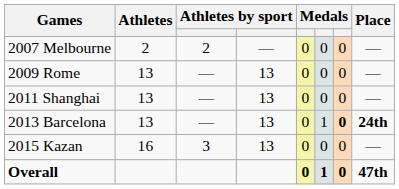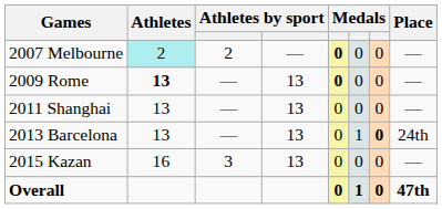 <table class=wikitable>
 <tr>
 <th rowspan=2>Games</th>
 <th rowspan=2>Athletes</th>
 <th colspan=2>Athletes by sport</th>
 <th colspan=3>Medals</th>
 <th rowspan=2>Place</th>
 </tr>
 <tr>
 <th></th>
 <th></th>
 <th></th>
 <th></th>
 <th></th>
 </tr>
 <tr align=center>
 <td align=left> 2007 Melbourne</td>
-<td>2</td>
+<td style="background: paleturquoise;">2</td>
 <td>2</td>
 <td>—</td>
-<td bgcolor=#F7F6A8>0</td>
+<td bgcolor=#F7F6A8><strong>0</strong></td>
 <td bgcolor=#DCE5E5>0</td>
 <td bgcolor=#FFDAB9>0</td>
 <td>—</td>
 </tr>
 <tr align=center>
 <td align=left> 2009 Rome</td>
-<td>13</td>
+<td><strong>13</strong></td>
 <td>—</td>
 <td>13</td>
-<td bgcolor=#F7F6A8>0</td>
+<td bgcolor=#F7F6A8><strong>0</strong></td>
 <td bgcolor=#DCE5E5>0</td>
 <td bgcolor=#FFDAB9>0</td>
 <td>—</td>
 </tr>
 <tr align=center>
 <td align=left> 2011 Shanghai</td>
 <td>13</td>
 <td>—</td>
 <td>13</td>
 <td bgcolor=#F7F6A8>0</td>
 <td bgcolor=#DCE5E5>0</td>
 <td bgcolor=#FFDAB9>0</td>
 <td>—</td>
 </tr>
 <tr align=center>
 <td align=left> 2013 Barcelona</td>
 <td>13</td>
 <td>—</td>
 <td>13</td>
 <td bgcolor=#F7F6A8>0</td>
 <td bgcolor=#DCE5E5>1</td>
 <td bgcolor=#FFDAB9><strong>0</strong></td>
-<td><strong>24th</strong></td>
+<td>24th</td>
 </tr>
 <tr align=center>
 <td align=left> 2015 Kazan</td>
 <td>16</td>
 <td>3</td>
 <td>13</td>
 <td bgcolor=#F7F6A8>0</td>
 <td bgcolor=#DCE5E5>0</td>
 <td bgcolor=#FFDAB9>0</td>
 <td>—</td>
 </tr>
 <tr align=center>
 <td align=left><strong>Overall</strong></td>
 <td></td>
 <td></td>
 <td></td>
 <td bgcolor=#F7F6A8><strong>0</strong></td>
 <td bgcolor=#DCE5E5><strong>1</strong></td>
 <td bgcolor=#FFDAB9><strong>0</strong></td>
 <td><strong>47th</strong></td>
 </tr>
 </table>
